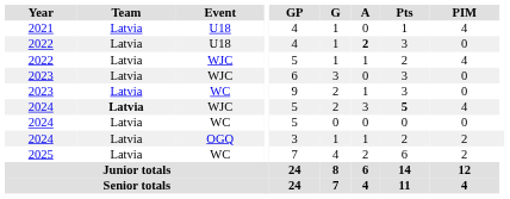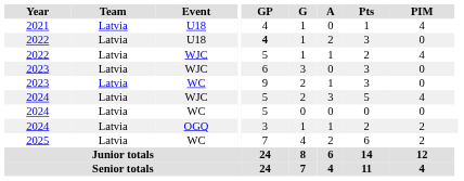 <table border="0" cellpadding="1" cellspacing="0" ID="Table3" style="text-align:center; width:40em;">
 <tr bgcolor="#e0e0e0">
 <th>Year</th>
 <th>Team</th>
 <th>Event</th>
 <th rowspan="102" bgcolor="#ffffff"></th>
 <th>GP</th>
 <th>G</th>
 <th>A</th>
 <th>Pts</th>
 <th>PIM</th>
 </tr>
 <tr>
 <td><a href='#'>2021</a></td>
 <td><a href='#'>Latvia</a></td>
 <td><a href='#'>U18</a></td>
 <td>4</td>
 <td>1</td>
 <td>0</td>
 <td>1</td>
 <td>4</td>
 </tr>
 <tr bgcolor="#f0f0f0">
 <td><a href='#'>2022</a></td>
 <td>Latvia</td>
 <td>U18</td>
-<td>4</td>
+<td><strong>4</strong></td>
 <td>1</td>
-<td><strong>2</strong></td>
+<td>2</td>
 <td>3</td>
 <td>0</td>
 </tr>
 <tr>
 <td><a href='#'>2022</a></td>
 <td>Latvia</td>
 <td><a href='#'>WJC</a></td>
 <td>5</td>
 <td>1</td>
 <td>1</td>
 <td>2</td>
 <td>4</td>
 </tr>
 <tr bgcolor="#f0f0f0">
 <td><a href='#'>2023</a></td>
 <td>Latvia</td>
 <td>WJC</td>
 <td>6</td>
 <td>3</td>
 <td>0</td>
 <td>3</td>
 <td>0</td>
 </tr>
 <tr>
 <td><a href='#'>2023</a></td>
 <td><a href='#'>Latvia</a></td>
 <td><a href='#'>WC</a></td>
 <td>9</td>
 <td>2</td>
 <td>1</td>
 <td>3</td>
 <td>0</td>
 </tr>
 <tr bgcolor="#f0f0f0">
 <td><a href='#'>2024</a></td>
-<td><strong>Latvia</strong></td>
+<td>Latvia</td>
 <td>WJC</td>
 <td>5</td>
 <td>2</td>
 <td>3</td>
-<td><strong>5</strong></td>
+<td>5</td>
 <td>4</td>
 </tr>
 <tr>
 <td><a href='#'>2024</a></td>
 <td>Latvia</td>
 <td>WC</td>
 <td>5</td>
 <td>0</td>
 <td>0</td>
 <td>0</td>
 <td>0</td>
 </tr>
 <tr bgcolor="#f0f0f0">
 <td><a href='#'>2024</a></td>
 <td>Latvia</td>
 <td><a href='#'>OGQ</a></td>
 <td>3</td>
 <td>1</td>
 <td>1</td>
 <td>2</td>
 <td>2</td>
 <td></td>
 </tr>
 <tr>
 <td><a href='#'>2025</a></td>
 <td>Latvia</td>
 <td>WC</td>
 <td>7</td>
 <td>4</td>
 <td>2</td>
 <td>6</td>
 <td>2</td>
 <td></td>
 <td></td>
 </tr>
 <tr bgcolor="#e0e0e0">
 <th colspan="4">Junior totals</th>
 <th>24</th>
 <th>8</th>
 <th>6</th>
 <th>14</th>
 <th>12</th>
 </tr>
 <tr bgcolor="#e0e0e0">
 <th colspan="4">Senior totals</th>
 <th>24</th>
 <th>7</th>
 <th>4</th>
 <th>11</th>
 <th>4</th>
 </tr>
 </table>
